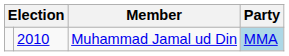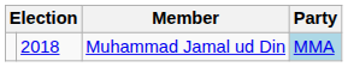 <table class="wikitable">
 <tr>
 <th colspan="2">Election</th>
 <th>Member</th>
 <th>Party</th>
 </tr>
 <tr>
 <td style="background-color: "></td>
-<td><a href='#'>2010</a></td>
+<td><a href='#'>2018</a></td>
 <td><a href='#'>Muhammad Jamal ud Din</a></td>
 <td style="background: lightblue;"><a href='#'>MMA</a></td>
 </tr>
 </table>
